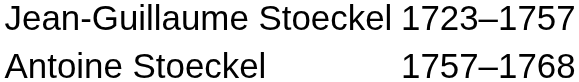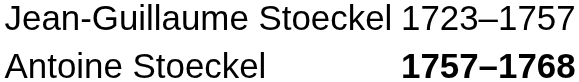 <table>
 <tr>
 <td>Jean-Guillaume Stoeckel</td>
 <td>1723–1757</td>
 </tr>
 <tr>
 <td>Antoine Stoeckel</td>
-<td>1757–1768</td>
+<td><strong>1757–1768</strong></td>
 </tr>
 </table>
